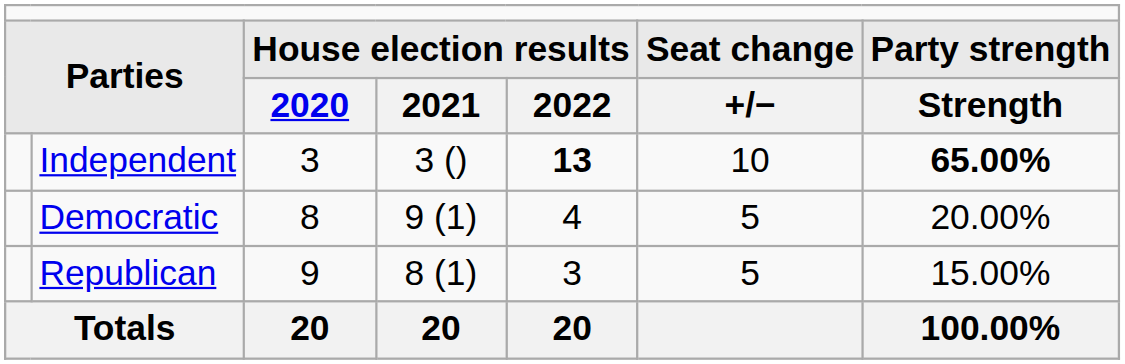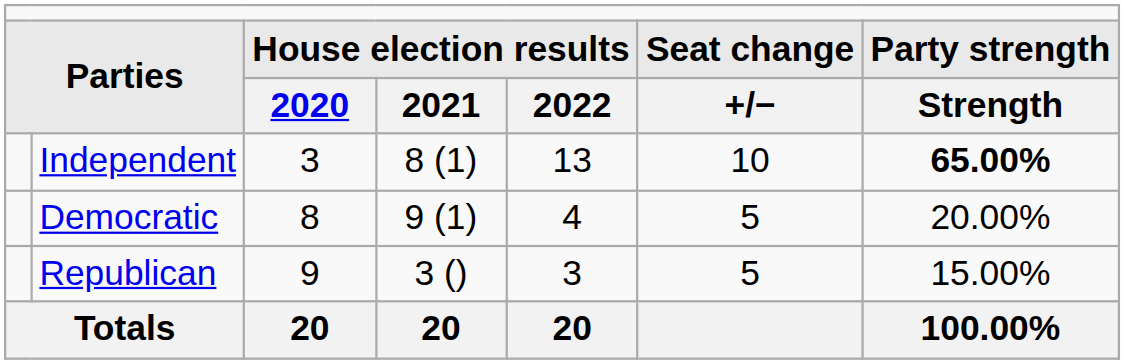 <table class   ="wikitable">
 <tr>
 <td colspan="7"></td>
 </tr>
 <tr>
 <th style   ="background:#e9e9e9; text-align:center" rowspan="2" colspan="2">Parties</th>
 <th style   ="background:#e9e9e9; text-align:center" colspan="3">House election results</th>
 <th style   ="background:#e9e9e9; text-align:center" colspan="1">Seat change</th>
 <th style   ="background:#e9e9e9; text-align:center" colspan="1">Party strength</th>
 </tr>
 <tr style ="background:#e9e9e9">
 <th><a href='#'>2020</a></th>
 <th>2021</th>
 <th>2022</th>
 <th>+/−</th>
 <th>Strength</th>
 </tr>
 <tr>
 <td style="background-color:"> </td>
 <td><a href='#'>Independent</a></td>
 <td align = center>3</td>
-<td align = center>3 ()</td>
-<td align = center><strong>13</strong></td>
+<td align = center>8 (1)</td>
+<td align = center>13</td>
 <td align = center>10 </td>
 <td align = center><strong>65.00%</strong></td>
 </tr>
 <tr>
 <td style="background-color:"> </td>
 <td><a href='#'>Democratic</a></td>
 <td align = center>8</td>
 <td align = center>9 (1)</td>
 <td align = center>4</td>
 <td align = center>5 </td>
 <td align = center>20.00%</td>
 </tr>
 <tr>
 <td style="background-color:"> </td>
 <td><a href='#'>Republican</a></td>
 <td align = center>9</td>
-<td align = center>8 (1)</td>
+<td align = center>3 ()</td>
 <td align = center>3</td>
 <td align = center>5 </td>
 <td align = center>15.00%</td>
 </tr>
 <tr style = "background:#ccc">
 <th colspan = "2">Totals</th>
 <th>20</th>
 <th>20</th>
 <th>20</th>
 <th></th>
 <th>100.00%</th>
 </tr>
 </table>
